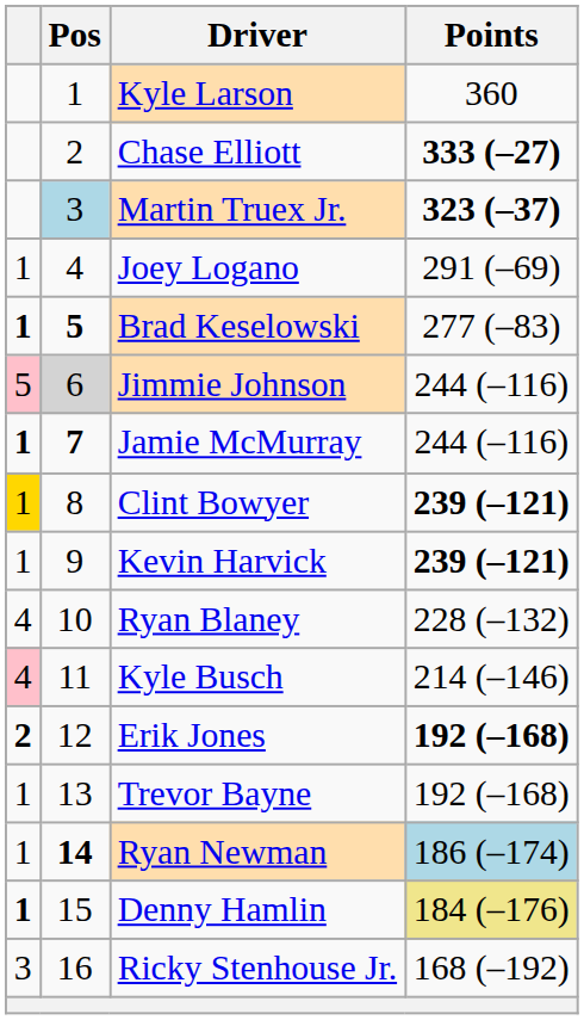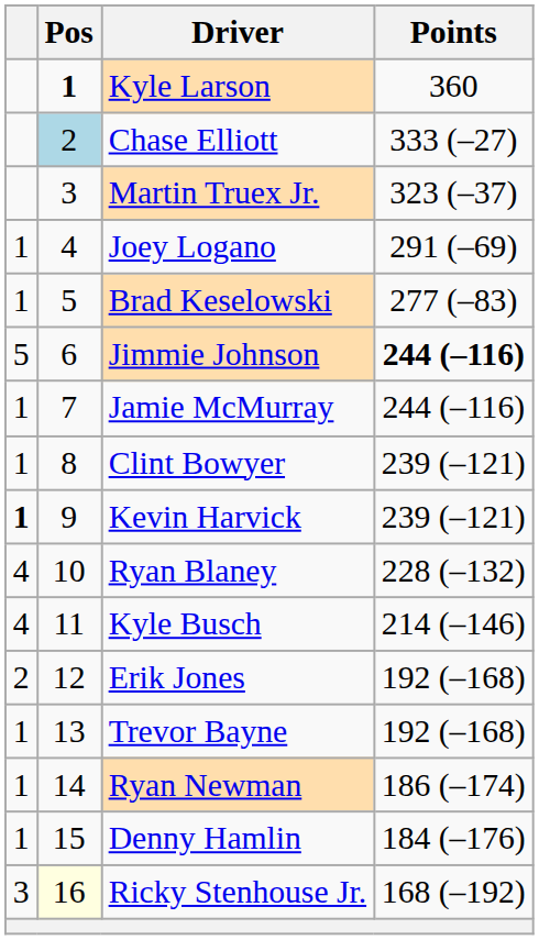 <table class="wikitable" style="font-size: 95%">
 <tr>
 <th></th>
 <th>Pos</th>
 <th>Driver</th>
 <th>Points</th>
 </tr>
 <tr>
 <td align="left"></td>
-<td style="text-align:center;">1</td>
+<td style="text-align:center;"><strong>1</strong></td>
 <td style="background:#FFDEAD;"><a href='#'>Kyle Larson</a></td>
 <td style="text-align:center;">360</td>
 </tr>
 <tr>
 <td align="left"></td>
-<td style="text-align:center;">2</td>
+<td style="background: lightblue; text-align:center;">2</td>
 <td><a href='#'>Chase Elliott</a></td>
-<td style="text-align:center;"><strong>333 (–27)</strong></td>
+<td style="text-align:center;">333 (–27)</td>
 </tr>
 <tr>
 <td align="left"></td>
-<td style="background: lightblue; text-align:center;">3</td>
+<td style="text-align:center;">3</td>
 <td style="background:#FFDEAD;"><a href='#'>Martin Truex Jr.</a></td>
-<td style="text-align:center;"><strong>323 (–37)</strong></td>
+<td style="text-align:center;">323 (–37)</td>
 </tr>
 <tr>
 <td align="left"> 1</td>
 <td style="text-align:center;">4</td>
 <td><a href='#'>Joey Logano</a></td>
 <td style="text-align:center;">291 (–69)</td>
 </tr>
 <tr>
-<td align="left"><strong> 1</strong></td>
-<td style="text-align:center;"><strong>5</strong></td>
+<td align="left"> 1</td>
+<td style="text-align:center;">5</td>
 <td style="background:#FFDEAD;"><a href='#'>Brad Keselowski</a></td>
 <td style="text-align:center;">277 (–83)</td>
 </tr>
 <tr>
-<td align="left" style="background: pink;"> 5</td>
-<td style="background: lightgrey; text-align:center;">6</td>
+<td align="left"> 5</td>
+<td style="text-align:center;">6</td>
 <td style="background:#FFDEAD;"><a href='#'>Jimmie Johnson</a></td>
-<td style="text-align:center;">244 (–116)</td>
+<td style="text-align:center;"><strong>244 (–116)</strong></td>
 </tr>
 <tr>
-<td align="left"><strong> 1</strong></td>
-<td style="text-align:center;"><strong>7</strong></td>
+<td align="left"> 1</td>
+<td style="text-align:center;">7</td>
 <td><a href='#'>Jamie McMurray</a></td>
 <td style="text-align:center;">244 (–116)</td>
 </tr>
 <tr>
-<td align="left" style="background: gold;"> 1</td>
+<td align="left"> 1</td>
 <td style="text-align:center;">8</td>
 <td><a href='#'>Clint Bowyer</a></td>
-<td style="text-align:center;"><strong>239 (–121)</strong></td>
+<td style="text-align:center;">239 (–121)</td>
 </tr>
 <tr>
-<td align="left"> 1</td>
+<td align="left"><strong> 1</strong></td>
 <td style="text-align:center;">9</td>
 <td><a href='#'>Kevin Harvick</a></td>
-<td style="text-align:center;"><strong>239 (–121)</strong></td>
+<td style="text-align:center;">239 (–121)</td>
 </tr>
 <tr>
 <td align="left"> 4</td>
 <td style="text-align:center;">10</td>
 <td><a href='#'>Ryan Blaney</a></td>
 <td style="text-align:center;">228 (–132)</td>
 </tr>
 <tr>
-<td align="left" style="background: pink;"> 4</td>
+<td align="left"> 4</td>
 <td style="text-align:center;">11</td>
 <td><a href='#'>Kyle Busch</a></td>
 <td style="text-align:center;">214 (–146)</td>
 </tr>
 <tr>
-<td align="left"><strong> 2</strong></td>
+<td align="left"> 2</td>
 <td style="text-align:center;">12</td>
 <td><a href='#'>Erik Jones</a></td>
-<td style="text-align:center;"><strong>192 (–168)</strong></td>
+<td style="text-align:center;">192 (–168)</td>
 </tr>
 <tr>
 <td align="left"> 1</td>
 <td style="text-align:center;">13</td>
 <td><a href='#'>Trevor Bayne</a></td>
 <td style="text-align:center;">192 (–168)</td>
 </tr>
 <tr>
 <td align="left"> 1</td>
-<td style="text-align:center;"><strong>14</strong></td>
+<td style="text-align:center;">14</td>
 <td style="background:#FFDEAD;"><a href='#'>Ryan Newman</a></td>
-<td style="background: lightblue; text-align:center;">186 (–174)</td>
+<td style="text-align:center;">186 (–174)</td>
 </tr>
 <tr>
-<td align="left"><strong> 1</strong></td>
+<td align="left"> 1</td>
 <td style="text-align:center;">15</td>
 <td><a href='#'>Denny Hamlin</a></td>
-<td style="background: khaki; text-align:center;">184 (–176)</td>
+<td style="text-align:center;">184 (–176)</td>
 </tr>
 <tr>
 <td align="left"> 3</td>
-<td style="text-align:center;">16</td>
+<td style="background: lightyellow; text-align:center;">16</td>
 <td><a href='#'>Ricky Stenhouse Jr.</a></td>
 <td style="text-align:center;">168 (–192)</td>
 </tr>
 <tr class="sortbottom">
 <th colspan="9"></th>
 </tr>
 </table>
